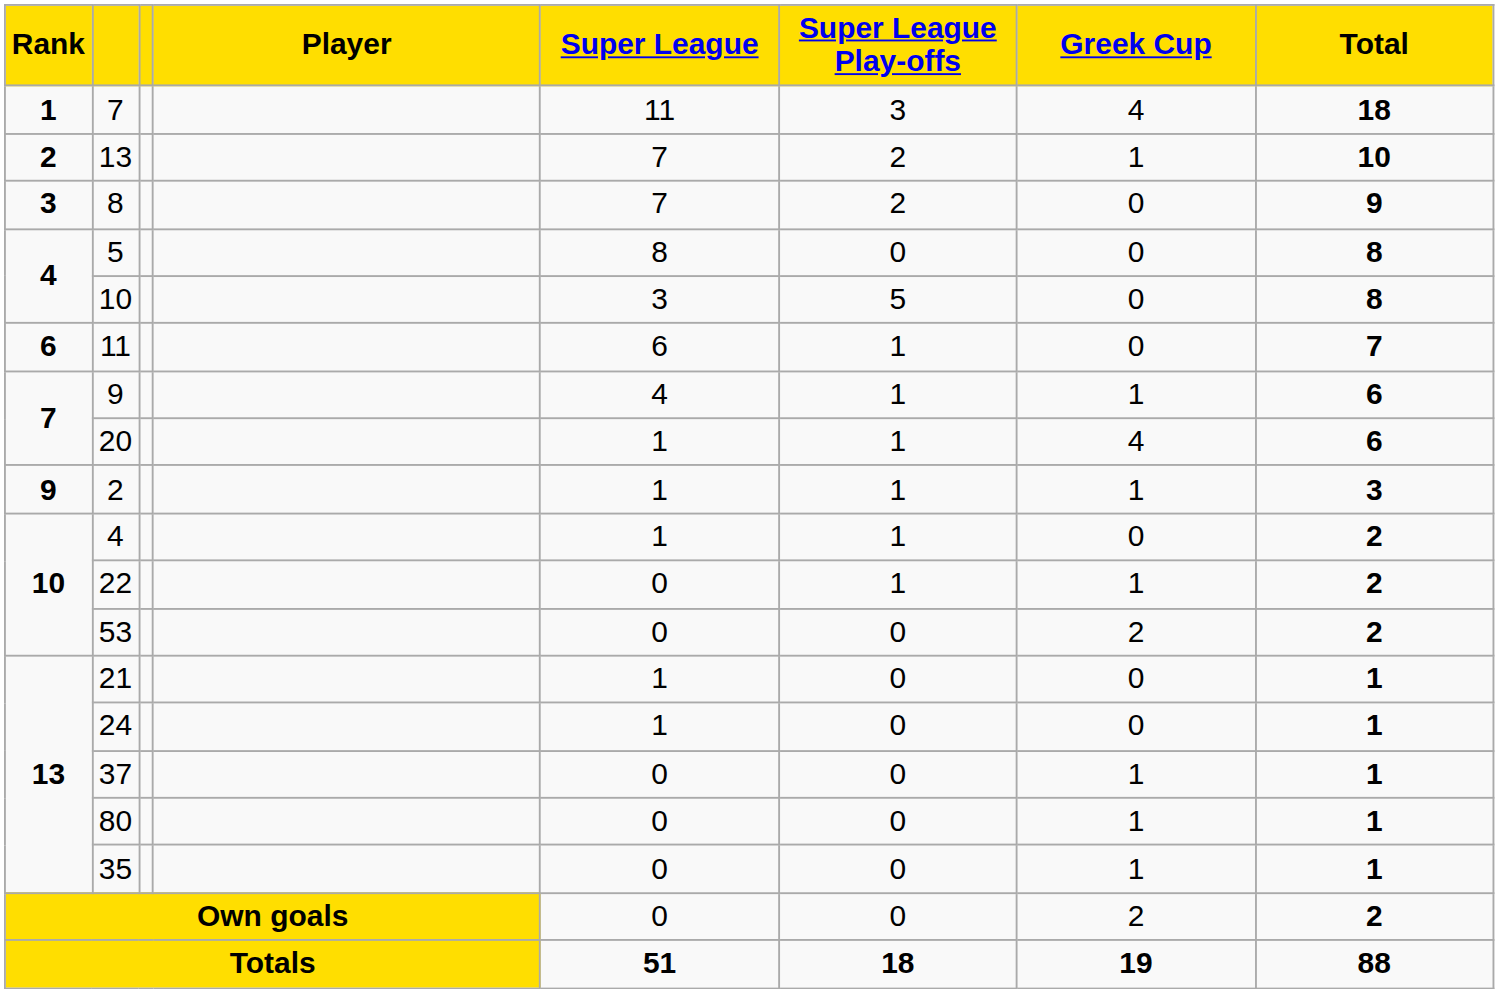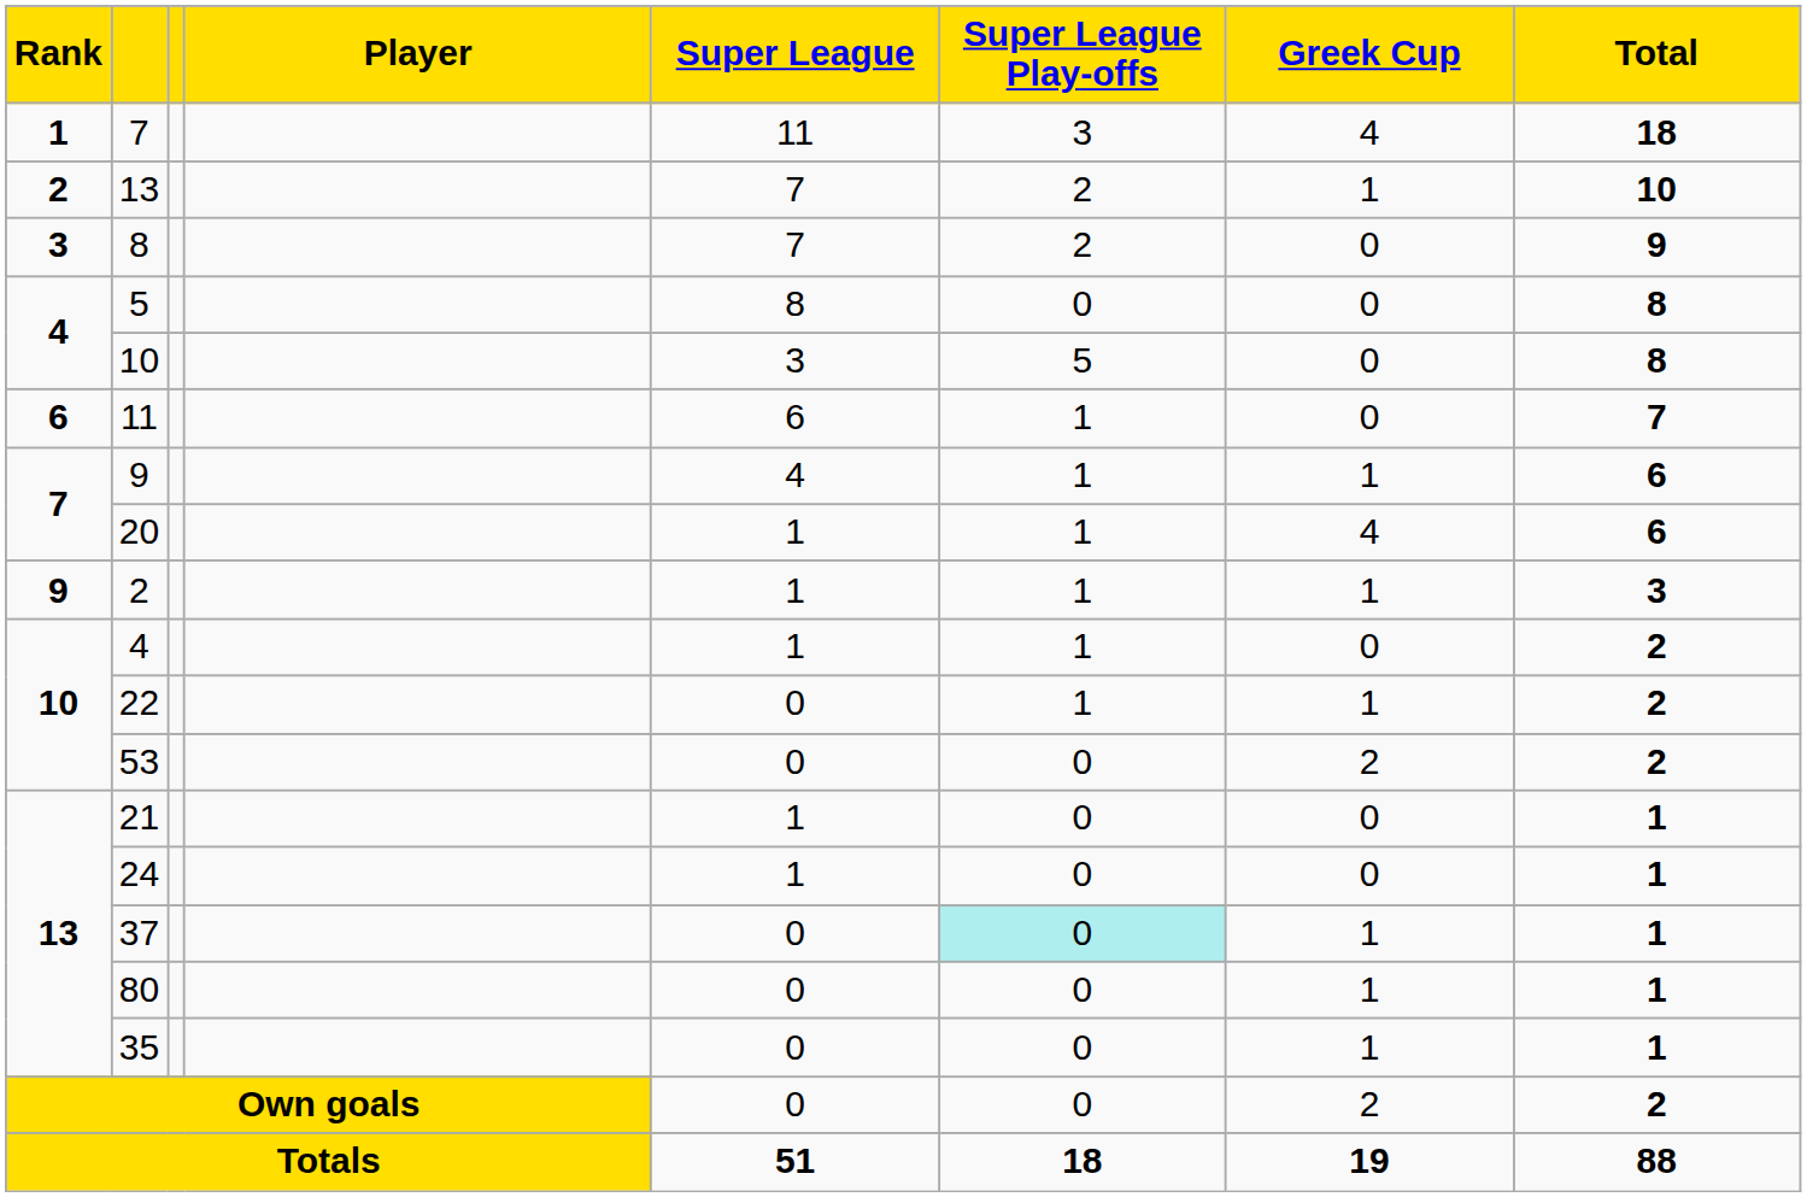 <table class="wikitable sortable" style="text-align: center">
 <tr>
 <th style="background:#FFDE00">Rank</th>
 <th style="background:#FFDE00"></th>
 <th style="background:#FFDE00"></th>
 <th width=200 style="background:#FFDE00">Player</th>
 <th width=120 style="background:#FFDE00"><a href='#'>Super League</a></th>
 <th width=120 style="background:#FFDE00"><a href='#'>Super League Play-offs</a></th>
 <th width=120 style="background:#FFDE00"><a href='#'>Greek Cup</a></th>
 <th width=120 style="background:#FFDE00">Total</th>
 </tr>
 <tr>
 <td><strong>1</strong></td>
 <td>7</td>
 <td></td>
 <td align=left></td>
 <td>11</td>
 <td>3</td>
 <td>4</td>
 <td><strong>18</strong></td>
 </tr>
 <tr>
 <td><strong>2</strong></td>
 <td>13</td>
 <td></td>
 <td align=left></td>
 <td>7</td>
 <td>2</td>
 <td>1</td>
 <td><strong>10</strong></td>
 </tr>
 <tr>
 <td><strong>3</strong></td>
 <td>8</td>
 <td></td>
 <td align=left></td>
 <td>7</td>
 <td>2</td>
 <td>0</td>
 <td><strong>9</strong></td>
 </tr>
 <tr>
 <td rowspan=2><strong>4</strong></td>
 <td>5</td>
 <td></td>
 <td align=left></td>
 <td>8</td>
 <td>0</td>
 <td>0</td>
 <td><strong>8</strong></td>
 </tr>
 <tr>
 <td>10</td>
 <td></td>
 <td align=left></td>
 <td>3</td>
 <td>5</td>
 <td>0</td>
 <td><strong>8</strong></td>
 </tr>
 <tr>
 <td><strong>6</strong></td>
 <td>11</td>
 <td></td>
 <td align=left></td>
 <td>6</td>
 <td>1</td>
 <td>0</td>
 <td><strong>7</strong></td>
 </tr>
 <tr>
 <td rowspan=2><strong>7</strong></td>
 <td>9</td>
 <td></td>
 <td align=left></td>
 <td>4</td>
 <td>1</td>
 <td>1</td>
 <td><strong>6</strong></td>
 </tr>
 <tr>
 <td>20</td>
 <td></td>
 <td align=left></td>
 <td>1</td>
 <td>1</td>
 <td>4</td>
 <td><strong>6</strong></td>
 </tr>
 <tr>
 <td><strong>9</strong></td>
 <td>2</td>
 <td></td>
 <td align=left></td>
 <td>1</td>
 <td>1</td>
 <td>1</td>
 <td><strong>3</strong></td>
 </tr>
 <tr>
 <td rowspan=3><strong>10</strong></td>
 <td>4</td>
 <td></td>
 <td align=left></td>
 <td>1</td>
 <td>1</td>
 <td>0</td>
 <td><strong>2</strong></td>
 </tr>
 <tr>
 <td>22</td>
 <td></td>
 <td align=left></td>
 <td>0</td>
 <td>1</td>
 <td>1</td>
 <td><strong>2</strong></td>
 </tr>
 <tr>
 <td>53</td>
 <td></td>
 <td align=left></td>
 <td>0</td>
 <td>0</td>
 <td>2</td>
 <td><strong>2</strong></td>
 </tr>
 <tr>
 <td rowspan=5><strong>13</strong></td>
 <td>21</td>
 <td></td>
 <td align=left></td>
 <td>1</td>
 <td>0</td>
 <td>0</td>
 <td><strong>1</strong></td>
 </tr>
 <tr>
 <td>24</td>
 <td></td>
 <td align=left></td>
 <td>1</td>
 <td>0</td>
 <td>0</td>
 <td><strong>1</strong></td>
 </tr>
 <tr>
 <td>37</td>
 <td></td>
 <td align=left></td>
 <td>0</td>
-<td>0</td>
+<td style="background: paleturquoise;">0</td>
 <td>1</td>
 <td><strong>1</strong></td>
 </tr>
 <tr>
 <td>80</td>
 <td></td>
 <td align=left></td>
 <td>0</td>
 <td>0</td>
 <td>1</td>
 <td><strong>1</strong></td>
 </tr>
 <tr>
 <td>35</td>
 <td></td>
 <td align=left></td>
 <td>0</td>
 <td>0</td>
 <td>1</td>
 <td><strong>1</strong></td>
 </tr>
 <tr class="sortbottom">
 <td colspan=4 style="background:#FFDE00"><strong>Own goals</strong></td>
 <td>0</td>
 <td>0</td>
 <td>2</td>
 <td><strong>2</strong></td>
 </tr>
 <tr class="sortbottom">
 <th colspan=4 style="background:#FFDE00"><strong>Totals</strong></th>
 <td><strong>51</strong></td>
 <td><strong>18</strong></td>
 <td><strong>19</strong></td>
 <td><strong>88</strong></td>
 </tr>
 </table>
